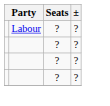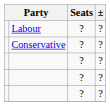 <table class="sortable wikitable">
 <tr>
 <th colspan="2">Party</th>
 <th>Seats</th>
 <th>±</th>
 </tr>
 <tr>
 <td style="background-color: "></td>
 <td><a href='#'>Labour</a></td>
+<td align="center">?</td>
+<td align="center">?</td>
+</tr>
+<tr>
+<td style="background-color: "></td>
+<td><a href='#'>Conservative</a></td>
 <td align="center">?</td>
 <td align="center">?</td>
 </tr>
 <tr>
 <td style="background-color: "></td>
 <td><a href='#'></a></td>
 <td align="center">?</td>
 <td align="center">?</td>
 </tr>
 <tr>
 <td style="background-color: "></td>
 <td><a href='#'></a></td>
 <td align="center">?</td>
 <td align="center">?</td>
 </tr>
 <tr>
 <td style="background-color: "></td>
 <td><a href='#'></a></td>
 <td align="center">?</td>
 <td align="center">?</td>
 </tr>
 <tr>
 </tr>
 </table>
